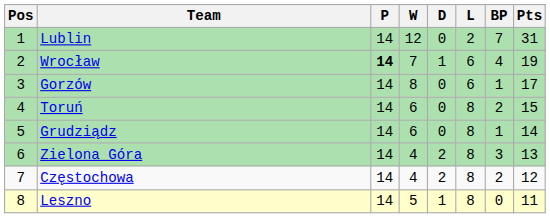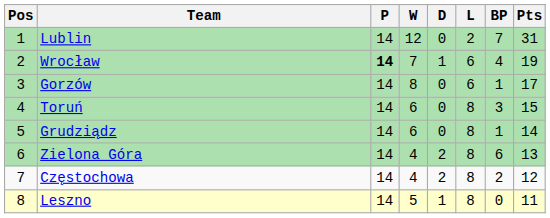 <table class="wikitable" style="font-size: 100%">
 <tr>
 <th width=20>Pos</th>
 <th width=300>Team</th>
 <th width=20>P</th>
 <th width=20>W</th>
 <th width=20>D</th>
 <th width=20>L</th>
 <th width=20>BP</th>
 <th width=20>Pts</th>
 </tr>
 <tr align=center style="background:#ACE1AF;">
 <td>1</td>
 <td align="left"><a href='#'>Lublin</a></td>
 <td>14</td>
 <td>12</td>
 <td>0</td>
 <td>2</td>
 <td>7</td>
 <td>31</td>
 </tr>
 <tr align=center style="background:#ACE1AF;">
 <td>2</td>
 <td align="left"><a href='#'>Wrocław</a></td>
 <td><strong>14</strong></td>
 <td>7</td>
 <td>1</td>
 <td>6</td>
 <td>4</td>
 <td>19</td>
 </tr>
 <tr align=center style="background:#ACE1AF;">
 <td>3</td>
 <td align="left"><a href='#'>Gorzów</a></td>
 <td>14</td>
 <td>8</td>
 <td>0</td>
 <td>6</td>
 <td>1</td>
 <td>17</td>
 </tr>
 <tr align=center style="background:#ACE1AF;">
 <td>4</td>
 <td align="left"><a href='#'>Toruń</a></td>
 <td>14</td>
 <td>6</td>
 <td>0</td>
 <td>8</td>
-<td>2</td>
+<td>3</td>
 <td>15</td>
 </tr>
 <tr align=center style="background:#ACE1AF;">
 <td>5</td>
 <td align="left"><a href='#'>Grudziądz</a></td>
 <td>14</td>
 <td>6</td>
 <td>0</td>
 <td>8</td>
 <td>1</td>
 <td>14</td>
 </tr>
 <tr align=center style="background:#ACE1AF;">
 <td>6</td>
 <td align="left"><a href='#'>Zielona Góra</a></td>
 <td>14</td>
 <td>4</td>
 <td>2</td>
 <td>8</td>
-<td>3</td>
+<td>6</td>
 <td>13</td>
 </tr>
 <tr align=center>
 <td>7</td>
 <td align="left"><a href='#'>Częstochowa</a></td>
 <td>14</td>
 <td>4</td>
 <td>2</td>
 <td>8</td>
 <td>2</td>
 <td>12</td>
 </tr>
 <tr align=center style="background: #ffffcc;">
 <td>8</td>
 <td align="left"><a href='#'>Leszno</a></td>
 <td>14</td>
 <td>5</td>
 <td>1</td>
 <td>8</td>
 <td>0</td>
 <td>11</td>
 </tr>
 </table>
